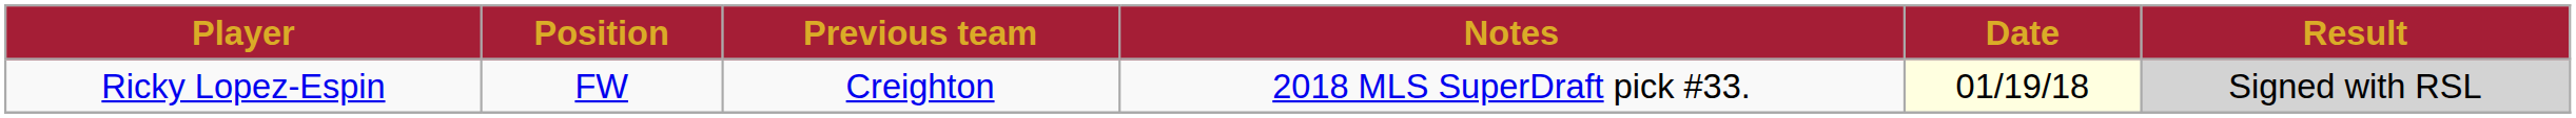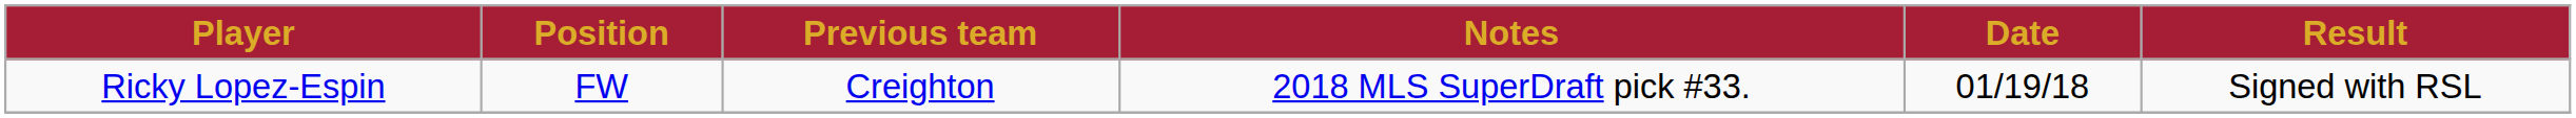 <table class="wikitable sortable" style="width:90%; text-align:center; font-size:95%;">
 <tr>
 <th style="background:#A51E36; color:#DAAC27; text-align:center;"><strong>Player </strong></th>
 <th style="background:#A51E36; color:#DAAC27; text-align:center;"><strong>Position </strong></th>
 <th style="background:#A51E36; color:#DAAC27; text-align:center;"><strong>Previous team</strong></th>
 <th style="background:#A51E36; color:#DAAC27; text-align:center;"><strong>Notes</strong></th>
 <th style="background:#A51E36; color:#DAAC27; text-align:center;"><strong>Date</strong></th>
 <th style="background:#A51E36; color:#DAAC27; text-align:center;"><strong>Result</strong></th>
 </tr>
 <tr>
 <td> <a href='#'>Ricky Lopez-Espin</a></td>
 <td><a href='#'>FW</a></td>
 <td><a href='#'>Creighton</a></td>
 <td><a href='#'>2018 MLS SuperDraft</a> pick #33.</td>
-<td style="background: lightyellow;">01/19/18</td>
-<td style="background: lightgrey;">Signed with RSL</td>
+<td>01/19/18</td>
+<td>Signed with RSL</td>
 </tr>
 <tr>
 </tr>
 </table>
